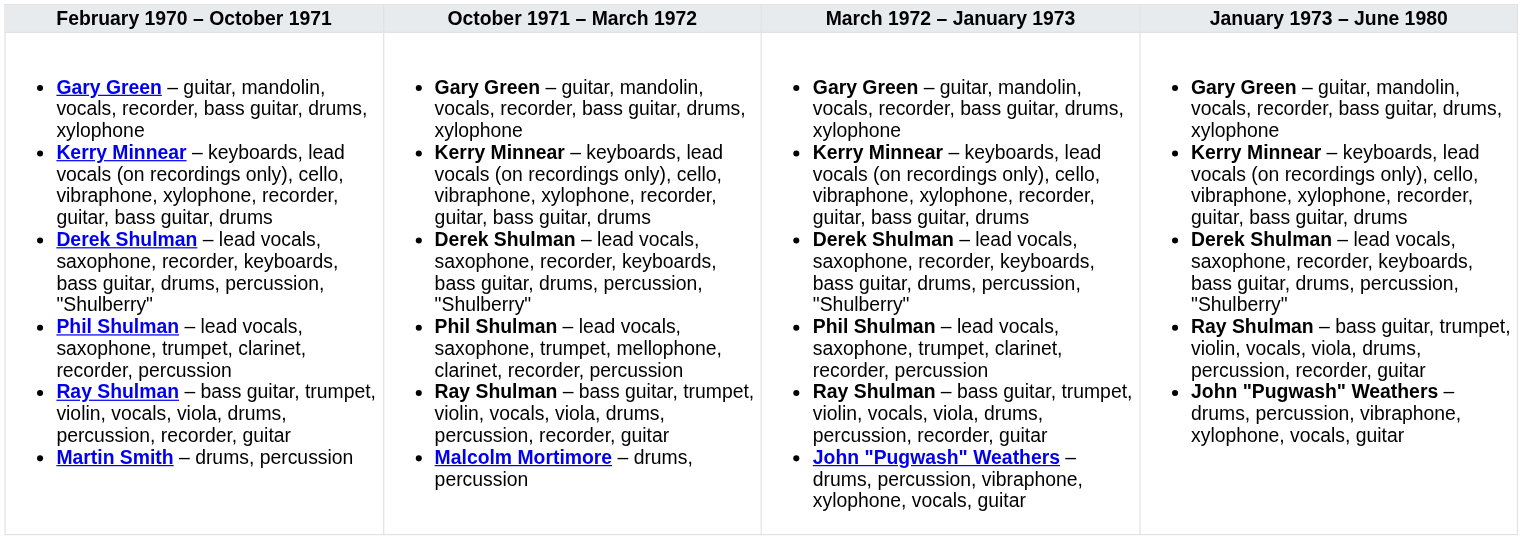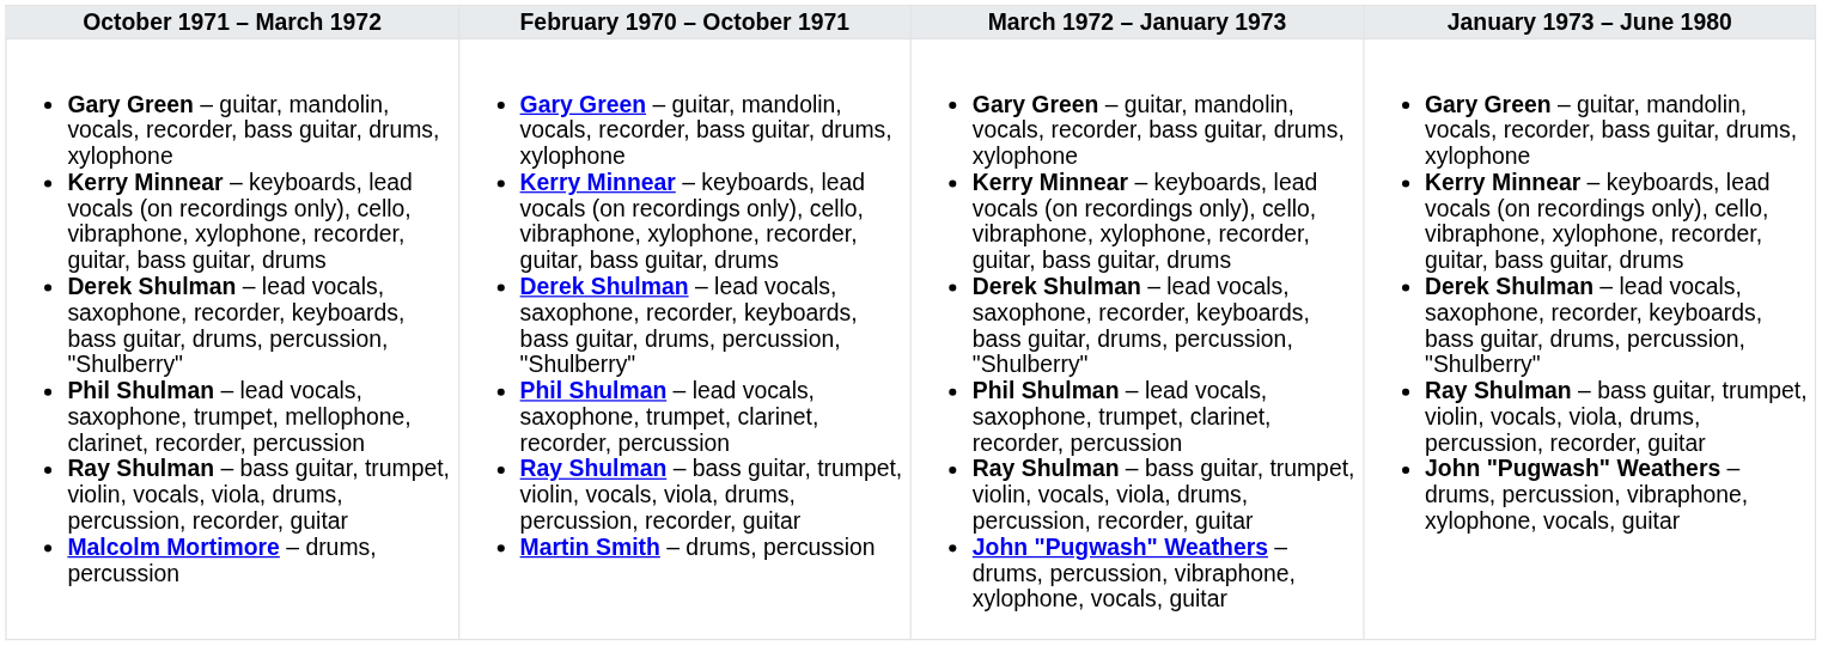 <table class="toccolours" border=1 cellpadding=2 cellspacing=0 style="float: width: 375px; margin: 0 0 1em 1em; border-collapse: collapse; border: 1px solid #E2E2E2;" width=99%>
 <tr>
+<th bgcolor="#E7EBEE" valign=top width=25%>October 1971 – March 1972</th>
 <th bgcolor="#E7EBEE" valign=top width=25%>February 1970 – October 1971</th>
-<th bgcolor="#E7EBEE" valign=top width=25%>October 1971 – March 1972</th>
 <th bgcolor="#E7EBEE" valign=top width=25%>March 1972 – January 1973</th>
 <th bgcolor="#E7EBEE" valign=top width=25%>January 1973 – June 1980</th>
 </tr>
 <tr>
+<td valign=top><br><ul><li><strong>Gary Green</strong> – guitar, mandolin, vocals, recorder, bass guitar, drums, xylophone</li><li><strong>Kerry Minnear</strong> – keyboards, lead vocals (on recordings only), cello, vibraphone, xylophone, recorder, guitar, bass guitar, drums</li><li><strong>Derek Shulman</strong> – lead vocals, saxophone, recorder, keyboards, bass guitar, drums, percussion, "Shulberry"</li><li><strong>Phil Shulman</strong> – lead vocals, saxophone, trumpet, mellophone, clarinet, recorder, percussion</li><li><strong>Ray Shulman</strong> – bass guitar, trumpet, violin, vocals, viola, drums, percussion, recorder, guitar</li><li><strong><a href='#'>Malcolm Mortimore</a></strong> – drums, percussion</li></ul></td>
 <td valign=top><br><ul><li><strong><a href='#'>Gary Green</a></strong> – guitar, mandolin, vocals, recorder, bass guitar, drums, xylophone</li><li><strong><a href='#'>Kerry Minnear</a></strong> – keyboards, lead vocals (on recordings only), cello, vibraphone, xylophone, recorder, guitar, bass guitar, drums</li><li><strong><a href='#'>Derek Shulman</a></strong> – lead vocals, saxophone, recorder, keyboards, bass guitar, drums, percussion, "Shulberry"</li><li><strong><a href='#'>Phil Shulman</a></strong> – lead vocals, saxophone, trumpet, clarinet, recorder, percussion</li><li><strong><a href='#'>Ray Shulman</a></strong> – bass guitar, trumpet, violin, vocals, viola, drums, percussion, recorder, guitar</li><li><strong><a href='#'>Martin Smith</a></strong> – drums, percussion</li></ul></td>
-<td valign=top><br><ul><li><strong>Gary Green</strong> – guitar, mandolin, vocals, recorder, bass guitar, drums, xylophone</li><li><strong>Kerry Minnear</strong> – keyboards, lead vocals (on recordings only), cello, vibraphone, xylophone, recorder, guitar, bass guitar, drums</li><li><strong>Derek Shulman</strong> – lead vocals, saxophone, recorder, keyboards, bass guitar, drums, percussion, "Shulberry"</li><li><strong>Phil Shulman</strong> – lead vocals, saxophone, trumpet, mellophone, clarinet, recorder, percussion</li><li><strong>Ray Shulman</strong> – bass guitar, trumpet, violin, vocals, viola, drums, percussion, recorder, guitar</li><li><strong><a href='#'>Malcolm Mortimore</a></strong> – drums, percussion</li></ul></td>
 <td valign=top><br><ul><li><strong>Gary Green</strong> – guitar, mandolin, vocals, recorder, bass guitar, drums, xylophone</li><li><strong>Kerry Minnear</strong> – keyboards, lead vocals (on recordings only), cello, vibraphone, xylophone, recorder, guitar, bass guitar, drums</li><li><strong>Derek Shulman</strong> – lead vocals, saxophone, recorder, keyboards, bass guitar, drums, percussion, "Shulberry"</li><li><strong>Phil Shulman</strong> – lead vocals, saxophone, trumpet, clarinet, recorder, percussion</li><li><strong>Ray Shulman</strong> – bass guitar, trumpet, violin, vocals, viola, drums, percussion, recorder, guitar</li><li><strong><a href='#'>John "Pugwash" Weathers</a></strong> – drums, percussion, vibraphone, xylophone, vocals, guitar</li></ul></td>
 <td valign=top><br><ul><li><strong>Gary Green</strong> – guitar, mandolin, vocals, recorder, bass guitar, drums, xylophone</li><li><strong>Kerry Minnear</strong> – keyboards, lead vocals (on recordings only), cello, vibraphone, xylophone, recorder, guitar, bass guitar, drums</li><li><strong>Derek Shulman</strong> – lead vocals, saxophone, recorder, keyboards, bass guitar, drums, percussion, "Shulberry"</li><li><strong>Ray Shulman</strong> – bass guitar, trumpet, violin, vocals, viola, drums, percussion, recorder, guitar</li><li><strong>John "Pugwash" Weathers</strong> – drums, percussion, vibraphone, xylophone, vocals, guitar</li></ul></td>
 </tr>
 </table>
